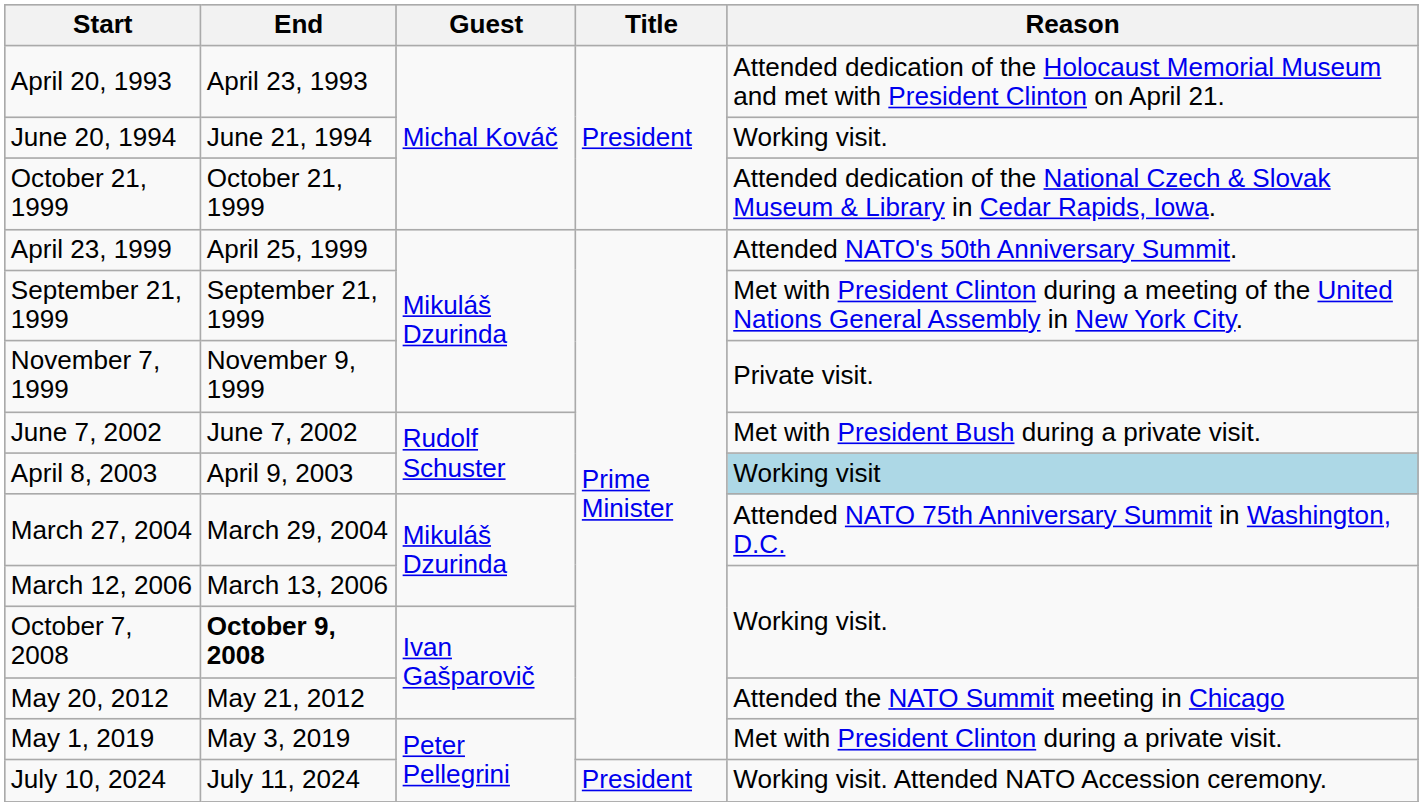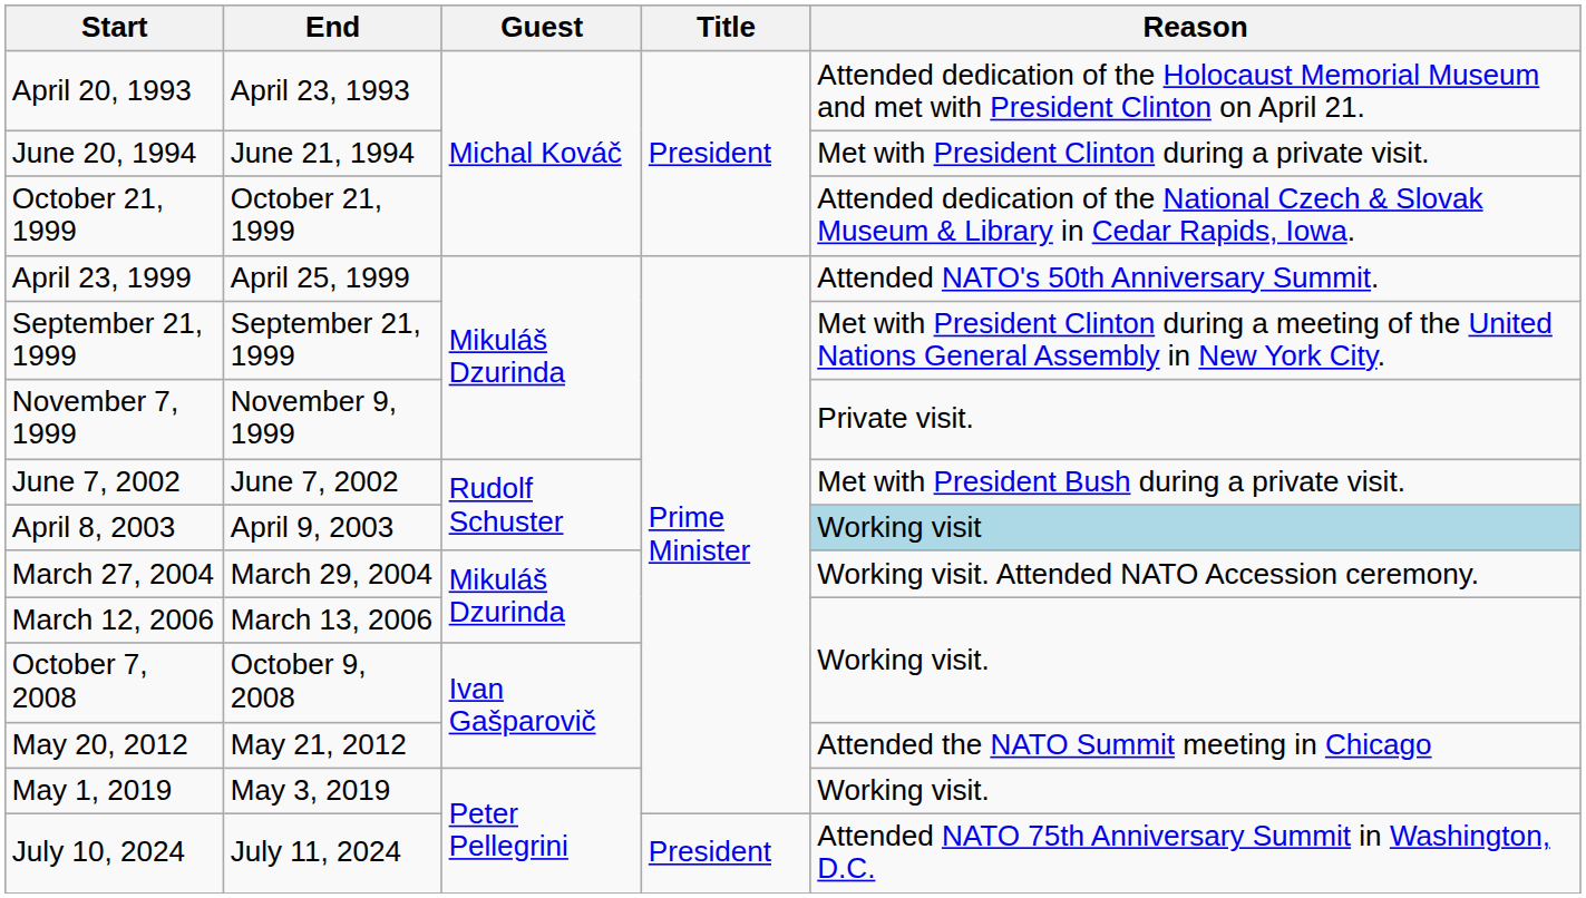 <table class="wikitable sortable">
 <tr>
 <th>Start</th>
 <th>End</th>
 <th>Guest</th>
 <th>Title</th>
 <th>Reason</th>
 </tr>
 <tr>
 <td>April 20, 1993</td>
 <td>April 23, 1993</td>
 <td rowspan=3><a href='#'>Michal Kováč</a></td>
 <td rowspan=3><a href='#'>President</a></td>
 <td>Attended dedication of the <a href='#'>Holocaust Memorial Museum</a> and met with <a href='#'>President Clinton</a> on April 21.</td>
 </tr>
 <tr>
 <td>June 20, 1994</td>
 <td>June 21, 1994</td>
-<td>Working visit.</td>
+<td>Met with <a href='#'>President Clinton</a> during a private visit.</td>
 </tr>
 <tr>
 <td>October 21, 1999</td>
 <td>October 21, 1999</td>
 <td>Attended dedication of the <a href='#'>National Czech & Slovak Museum & Library</a> in <a href='#'>Cedar Rapids, Iowa</a>.</td>
 </tr>
 <tr>
 <td>April 23, 1999</td>
 <td>April 25, 1999</td>
 <td rowspan=3><a href='#'>Mikuláš Dzurinda</a></td>
 <td rowspan=10><a href='#'>Prime Minister</a></td>
 <td>Attended <a href='#'>NATO's 50th Anniversary Summit</a>.</td>
 </tr>
 <tr>
 <td>September 21, 1999</td>
 <td>September 21, 1999</td>
 <td>Met with <a href='#'>President Clinton</a> during a meeting of the <a href='#'>United Nations General Assembly</a> in <a href='#'>New York City</a>.</td>
 </tr>
 <tr>
 <td>November 7, 1999</td>
 <td>November 9, 1999</td>
 <td>Private visit.</td>
 </tr>
 <tr>
 <td>June 7, 2002</td>
 <td>June 7, 2002</td>
 <td rowspan=2><a href='#'>Rudolf Schuster</a></td>
 <td>Met with <a href='#'>President Bush</a> during a private visit.</td>
 </tr>
 <tr>
 <td>April 8, 2003</td>
 <td>April 9, 2003</td>
 <td style="background: lightblue;">Working visit</td>
 </tr>
 <tr>
 <td>March 27, 2004</td>
 <td>March 29, 2004</td>
 <td rowspan=2><a href='#'>Mikuláš Dzurinda</a></td>
-<td>Attended <a href='#'>NATO 75th Anniversary Summit</a> in <a href='#'>Washington, D.C.</a></td>
+<td>Working visit. Attended NATO Accession ceremony.</td>
 </tr>
 <tr>
 <td>March 12, 2006</td>
 <td>March 13, 2006</td>
 <td rowspan=2>Working visit.</td>
 </tr>
 <tr>
 <td>October 7, 2008</td>
-<td><strong>October 9, 2008</strong></td>
+<td>October 9, 2008</td>
 <td rowspan=2><a href='#'>Ivan Gašparovič</a></td>
 </tr>
 <tr>
 <td>May 20, 2012</td>
 <td>May 21, 2012</td>
 <td>Attended the <a href='#'>NATO Summit</a> meeting in <a href='#'>Chicago</a></td>
 </tr>
 <tr>
 <td>May 1, 2019</td>
 <td>May 3, 2019</td>
 <td rowspan=2><a href='#'>Peter Pellegrini</a></td>
-<td>Met with <a href='#'>President Clinton</a> during a private visit.</td>
+<td>Working visit.</td>
 </tr>
 <tr>
 <td>July 10, 2024</td>
 <td>July 11, 2024</td>
 <td><a href='#'>President</a></td>
-<td>Working visit. Attended NATO Accession ceremony.</td>
+<td>Attended <a href='#'>NATO 75th Anniversary Summit</a> in <a href='#'>Washington, D.C.</a></td>
 </tr>
 </table>
